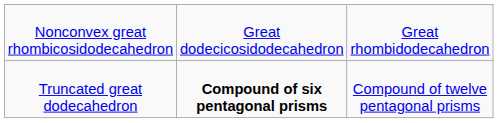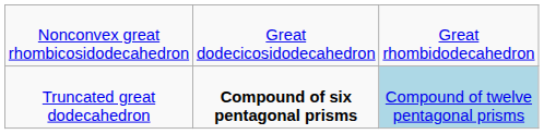 <table class="wikitable" width="400" style="vertical-align:top;text-align:center">
 <tr>
 <td><br><a href='#'>Nonconvex great rhombicosidodecahedron</a></td>
 <td><br><a href='#'>Great dodecicosidodecahedron</a></td>
 <td><br><a href='#'>Great rhombidodecahedron</a></td>
 </tr>
 <tr>
 <td><br><a href='#'>Truncated great dodecahedron</a></td>
 <td><br><strong>Compound of six pentagonal prisms</strong></td>
-<td><br><a href='#'>Compound of twelve pentagonal prisms</a></td>
+<td style="background: lightblue;"><br><a href='#'>Compound of twelve pentagonal prisms</a></td>
 </tr>
 </table>
